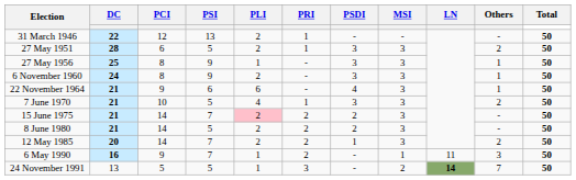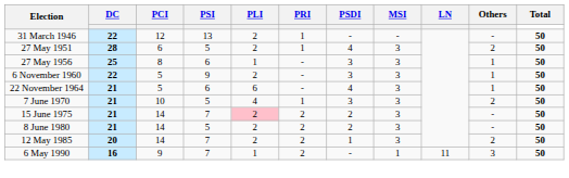 <table class="wikitable" style="text-align:center;font-size:90%;line-height:13px">
 <tr style="height:30px; background-color:#E9E9E9">
 <th style="width:120px;" rowspan="2">Election</th>
 <th style="width:65px;"><a href='#'>DC</a></th>
 <th style="width:65px;"><a href='#'>PCI</a></th>
 <th style="width:65px;"><a href='#'>PSI</a></th>
 <th style="width:65px;"><a href='#'>PLI</a></th>
 <th style="width:65px;"><a href='#'>PRI</a></th>
 <th style="width:65px;"><a href='#'>PSDI</a></th>
 <th style="width:65px;"><a href='#'>MSI</a></th>
 <th style="width:65px;"><a href='#'>LN</a></th>
 <th style="width:65px;">Others</th>
 <th style="width:65px;">Total</th>
 </tr>
 <tr>
 <th style="background:"></th>
 <th style="background:"></th>
 <th style="background:"></th>
 <th style="background:"></th>
 <th style="background:"></th>
 <th style="background:"></th>
 <th style="background:"></th>
 <th style="background:"></th>
 <th style="background:"></th>
 <th style="background:white;"></th>
 </tr>
 <tr>
 <td>31 March 1946</td>
 <td style="background:#C8EBFF"><strong>22</strong></td>
 <td>12</td>
 <td>13</td>
 <td>2</td>
 <td>1</td>
 <td>-</td>
 <td>-</td>
 <td rowspan=9></td>
 <td>-</td>
 <td><strong>50</strong></td>
 </tr>
 <tr>
 <td>27 May 1951</td>
 <td style="background:#C8EBFF"><strong>28</strong></td>
 <td>6</td>
 <td>5</td>
 <td>2</td>
 <td>1</td>
-<td>3</td>
+<td>4</td>
 <td>3</td>
 <td>2</td>
 <td><strong>50</strong></td>
 </tr>
 <tr>
 <td>27 May 1956</td>
 <td style="background:#C8EBFF"><strong>25</strong></td>
 <td>8</td>
-<td>9</td>
+<td>6</td>
 <td>1</td>
 <td>-</td>
 <td>3</td>
 <td>3</td>
 <td>1</td>
 <td><strong>50</strong></td>
 </tr>
 <tr>
 <td>6 November 1960</td>
-<td style="background:#C8EBFF"><strong>24</strong></td>
-<td>8</td>
+<td style="background:#C8EBFF"><strong>22</strong></td>
+<td>5</td>
 <td>9</td>
 <td>2</td>
 <td>-</td>
 <td>3</td>
 <td>3</td>
 <td>1</td>
 <td><strong>50</strong></td>
 </tr>
 <tr>
 <td>22 November 1964</td>
 <td style="background:#C8EBFF"><strong>21</strong></td>
-<td>9</td>
+<td>5</td>
 <td>6</td>
 <td>6</td>
 <td>-</td>
 <td>4</td>
 <td>3</td>
 <td>1</td>
 <td><strong>50</strong></td>
 </tr>
 <tr>
 <td>7 June 1970</td>
 <td style="background:#C8EBFF"><strong>21</strong></td>
 <td>10</td>
 <td>5</td>
 <td>4</td>
 <td>1</td>
 <td>3</td>
 <td>3</td>
 <td>2</td>
 <td><strong>50</strong></td>
 </tr>
 <tr>
 <td>15 June 1975</td>
 <td style="background:#C8EBFF"><strong>21</strong></td>
 <td>14</td>
 <td>7</td>
 <td style="background: pink;">2</td>
 <td>2</td>
 <td>2</td>
 <td>3</td>
 <td>-</td>
 <td><strong>50</strong></td>
 </tr>
 <tr>
 <td>8 June 1980</td>
 <td style="background:#C8EBFF"><strong>21</strong></td>
 <td>14</td>
 <td>5</td>
 <td>2</td>
 <td>2</td>
 <td>2</td>
 <td>3</td>
 <td>-</td>
 <td><strong>50</strong></td>
 </tr>
 <tr>
 <td>12 May 1985</td>
 <td style="background:#C8EBFF"><strong>20</strong></td>
 <td>14</td>
 <td>7</td>
 <td>2</td>
 <td>2</td>
 <td>1</td>
 <td>3</td>
 <td>2</td>
 <td><strong>50</strong></td>
 </tr>
 <tr>
 <td>6 May 1990</td>
 <td style="background:#C8EBFF"><strong>16</strong></td>
 <td>9</td>
 <td>7</td>
 <td>1</td>
 <td>2</td>
 <td>-</td>
 <td>1</td>
 <td>11</td>
 <td>3</td>
 <td><strong>50</strong></td>
 </tr>
-<tr>
-<td>24 November 1991</td>
-<td>13</td>
-<td>5</td>
-<td>5</td>
-<td>1</td>
-<td>3</td>
-<td>-</td>
-<td>2</td>
-<td style="background:#87A96B"><strong>14</strong></td>
-<td>7</td>
-<td><strong>50</strong></td>
-</tr>
 </table>
